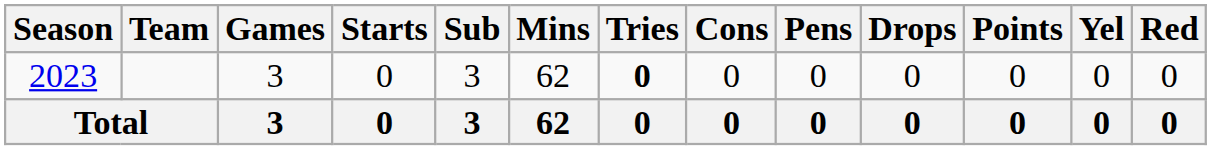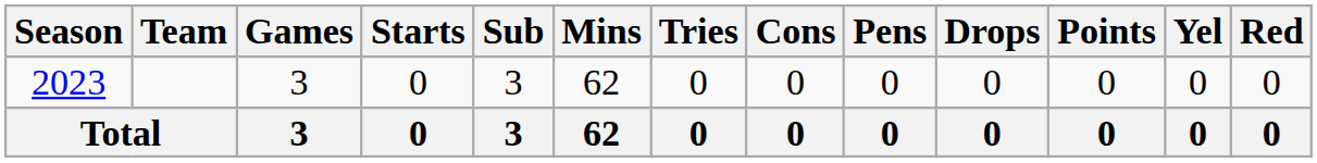 <table class="wikitable" style="text-align:center; line-height:90%; font-size:95%; width:60%;">
 <tr>
 <th>Season</th>
 <th>Team</th>
 <th>Games</th>
 <th>Starts</th>
 <th>Sub</th>
 <th>Mins</th>
 <th>Tries</th>
 <th>Cons</th>
 <th>Pens</th>
 <th>Drops</th>
 <th>Points</th>
 <th>Yel</th>
 <th>Red</th>
 </tr>
 <tr>
 <td><a href='#'>2023</a></td>
 <td></td>
 <td>3</td>
 <td>0</td>
 <td>3</td>
 <td>62</td>
-<td><strong>0</strong></td>
+<td>0</td>
 <td>0</td>
 <td>0</td>
 <td>0</td>
 <td>0</td>
 <td>0</td>
 <td>0</td>
 </tr>
 <tr>
 <th colspan="2">Total</th>
 <th>3</th>
 <th>0</th>
 <th>3</th>
 <th>62</th>
 <th>0</th>
 <th>0</th>
 <th>0</th>
 <th>0</th>
 <th>0</th>
 <th>0</th>
 <th>0</th>
 </tr>
 </table>
